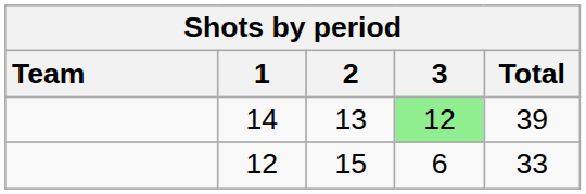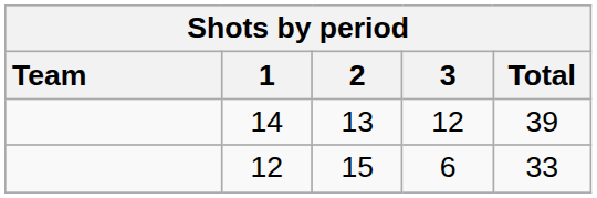 <table class="wikitable" style="width:20em;">
 <tr>
 <th colspan="6">Shots by period</th>
 </tr>
 <tr>
 <th style="width:8em; text-align:left;">Team</th>
 <th style="width:3em;">1</th>
 <th style="width:3em;">2</th>
 <th style="width:3em;">3</th>
 <th style="width:3em;">Total</th>
 </tr>
 <tr style="text-align:center;">
 <td style="text-align:left;"></td>
 <td>14</td>
 <td>13</td>
-<td style="background: lightgreen;">12</td>
+<td>12</td>
 <td>39</td>
 </tr>
 <tr style="text-align:center;">
 <td style="text-align:left;"></td>
 <td>12</td>
 <td>15</td>
 <td>6</td>
 <td>33</td>
 </tr>
 </table>
